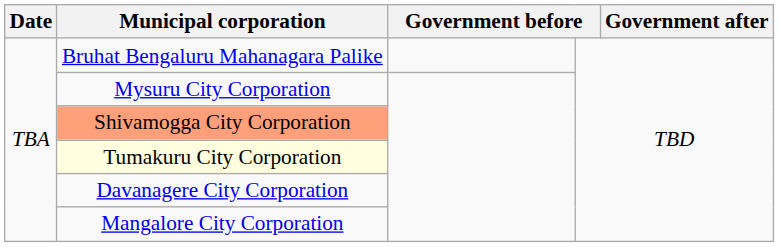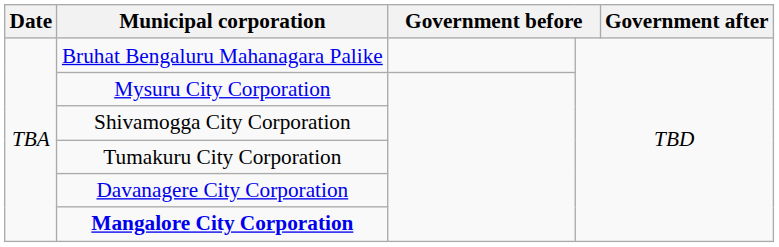 <table class="wikitable sortable"style="text-align:center;">
 <tr>
 <th>Date</th>
 <th>Municipal corporation</th>
 <th colspan="2">Government before</th>
 <th colspan="2">Government after</th>
 </tr>
 <tr>
 <td rowspan=6><em>TBA</em></td>
 <td><a href='#'>Bruhat Bengaluru Mahanagara Palike</a></td>
 <td></td>
 <td colspan="2" rowspan=6><em>TBD</em></td>
 </tr>
 <tr>
 <td><a href='#'>Mysuru City Corporation</a></td>
 </tr>
 <tr>
-<td style="background: lightsalmon;">Shivamogga City Corporation</td>
+<td>Shivamogga City Corporation</td>
 </tr>
 <tr>
-<td style="background: lightyellow;">Tumakuru City Corporation</td>
+<td>Tumakuru City Corporation</td>
 </tr>
 <tr>
 <td><a href='#'>Davanagere City Corporation</a></td>
 </tr>
 <tr>
-<td><a href='#'>Mangalore City Corporation</a></td>
+<td><strong><a href='#'>Mangalore City Corporation</a></strong></td>
 </tr>
 </table>
